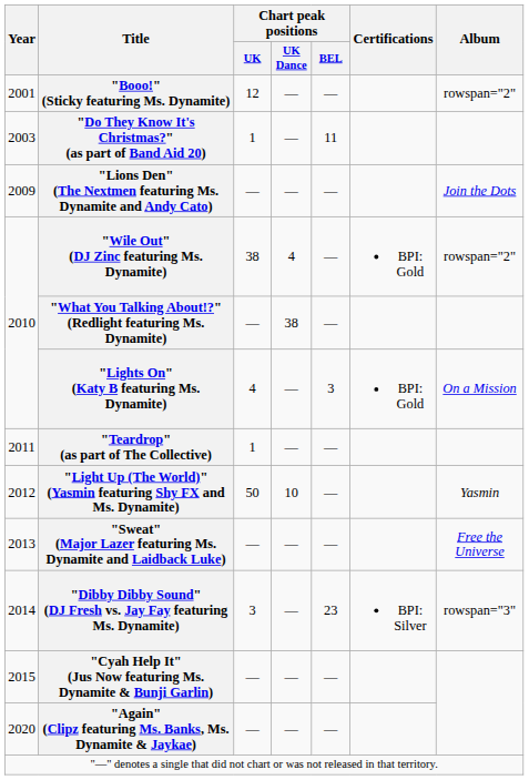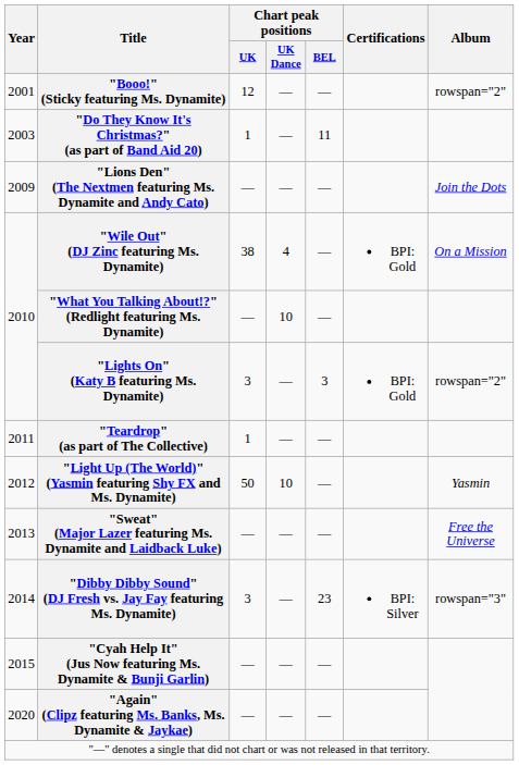 <table class="wikitable plainrowheaders" style="text-align:center;">
 <tr>
 <th scope="col" rowspan="2" style="width:2em;">Year</th>
 <th scope="col" rowspan="2" style="width:15em;">Title</th>
 <th scope="col" colspan="3">Chart peak positions</th>
 <th scope="col" rowspan="2">Certifications</th>
 <th scope="col" rowspan="2" style="width:6em;">Album</th>
 </tr>
 <tr>
 <th scope="col" style="width:3em;font-size:85%;"><a href='#'>UK</a><br></th>
 <th scope="col" style="width:3em;font-size:85%;"><a href='#'>UK<br>Dance</a></th>
 <th scope="col" style="width:3em;font-size:85%;"><a href='#'>BEL</a><br></th>
 </tr>
 <tr>
 <td>2001</td>
 <th scope="row">"<a href='#'>Booo!</a>"<br><span>(Sticky featuring Ms. Dynamite)</span></th>
 <td>12</td>
 <td>—</td>
 <td>—</td>
 <td></td>
 <td>rowspan="2" </td>
 </tr>
 <tr>
 <td>2003</td>
 <th scope="row">"<a href='#'>Do They Know It's Christmas?</a>"<br><span>(as part of <a href='#'>Band Aid 20</a>)</span></th>
 <td>1</td>
 <td>—</td>
 <td>11</td>
 <td></td>
 </tr>
 <tr>
 <td>2009</td>
 <th scope="row">"Lions Den"<br><span>(<a href='#'>The Nextmen</a> featuring Ms. Dynamite and <a href='#'>Andy Cato</a>)</span></th>
 <td>—</td>
 <td>—</td>
 <td>—</td>
 <td></td>
 <td><em><a href='#'>Join the Dots</a></em></td>
 </tr>
 <tr>
 <td rowspan="3">2010</td>
 <th scope="row">"<a href='#'>Wile Out</a>"<br><span>(<a href='#'>DJ Zinc</a> featuring Ms. Dynamite)</span></th>
 <td>38</td>
 <td>4</td>
 <td>—</td>
 <td><br><ul><li>BPI: Gold</li></ul></td>
-<td>rowspan="2" </td>
+<td><em><a href='#'>On a Mission</a></em></td>
 </tr>
 <tr>
 <th scope="row">"<a href='#'>What You Talking About!?</a>"<br><span>(Redlight featuring Ms. Dynamite)</span></th>
 <td>—</td>
-<td>38</td>
+<td>10</td>
 <td>—</td>
 <td></td>
 </tr>
 <tr>
 <th scope="row">"<a href='#'>Lights On</a>"<br><span>(<a href='#'>Katy B</a> featuring Ms. Dynamite)</span></th>
-<td>4</td>
+<td>3</td>
 <td>—</td>
 <td>3</td>
 <td><br><ul><li>BPI: Gold</li></ul></td>
-<td><em><a href='#'>On a Mission</a></em></td>
+<td>rowspan="2" </td>
 </tr>
 <tr>
 <td>2011</td>
 <th scope="row">"<a href='#'>Teardrop</a>"<br><span>(as part of The Collective)</span></th>
 <td>1</td>
 <td>—</td>
 <td>—</td>
 <td></td>
 <td></td>
 </tr>
 <tr>
 <td>2012</td>
 <th scope="row">"<a href='#'>Light Up (The World)</a>"<br><span>(<a href='#'>Yasmin</a> featuring <a href='#'>Shy FX</a> and Ms. Dynamite)</span></th>
 <td>50</td>
 <td>10</td>
 <td>—</td>
 <td></td>
 <td><em>Yasmin</em></td>
 </tr>
 <tr>
 <td>2013</td>
 <th scope="row">"Sweat"<br><span>(<a href='#'>Major Lazer</a> featuring Ms. Dynamite and <a href='#'>Laidback Luke</a>)</span></th>
 <td>—</td>
 <td>—</td>
 <td>—</td>
 <td></td>
 <td><em><a href='#'>Free the Universe</a></em></td>
 </tr>
 <tr>
 <td>2014</td>
 <th scope="row">"<a href='#'>Dibby Dibby Sound</a>"<br><span>(<a href='#'>DJ Fresh</a> vs. <a href='#'>Jay Fay</a> featuring Ms. Dynamite)</span></th>
 <td>3</td>
 <td>—</td>
 <td>23</td>
 <td><br><ul><li>BPI: Silver</li></ul></td>
 <td>rowspan="3" </td>
 </tr>
 <tr>
 <td>2015</td>
 <th scope="row">"Cyah Help It"<br><span>(Jus Now featuring Ms. Dynamite & <a href='#'>Bunji Garlin</a>)</span></th>
 <td>—</td>
 <td>—</td>
 <td>—</td>
 <td></td>
 </tr>
 <tr>
 <td>2020</td>
 <th scope="row">"Again"<br><span>(<a href='#'>Clipz</a> featuring <a href='#'>Ms. Banks</a>, Ms. Dynamite & <a href='#'>Jaykae</a>)</span></th>
 <td>—</td>
 <td>—</td>
 <td>—</td>
 <td></td>
 </tr>
 <tr>
 <td colspan="18" style="font-size:85%">"—" denotes a single that did not chart or was not released in that territory.</td>
 </tr>
 </table>
